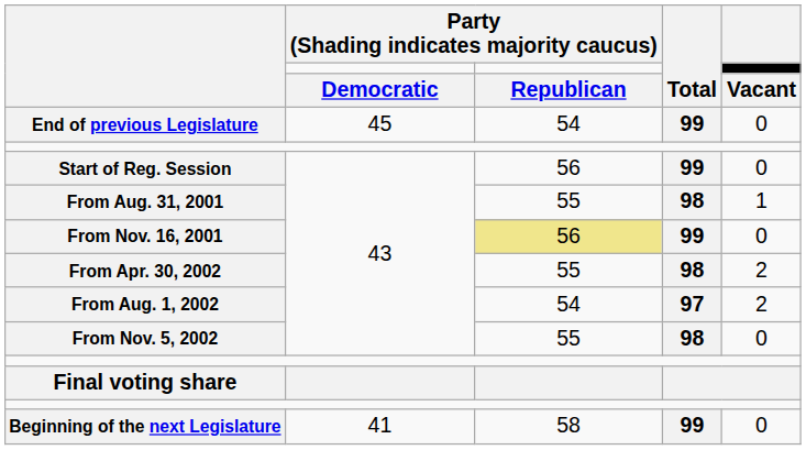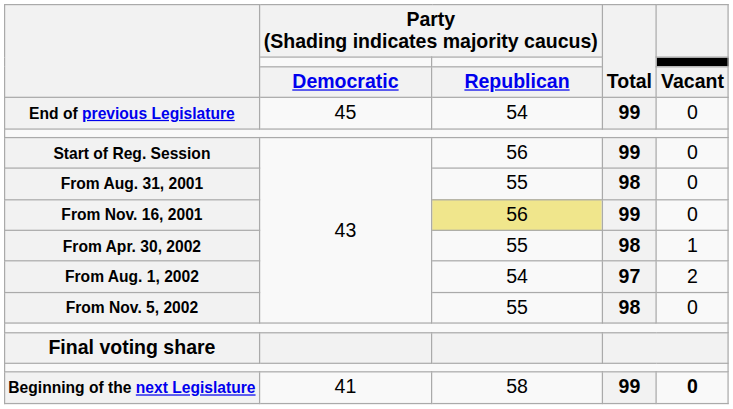 <table class=wikitable style="text-align:center">
 <tr style="vertical-align:bottom;">
 <th rowspan=3></th>
 <th colspan=2>Party <div>(Shading indicates majority caucus)</div></th>
 <th rowspan=3>Total</th>
 <th></th>
 </tr>
 <tr style="height:5px">
 <td style="background-color:"></td>
 <td style="background-color:"></td>
 <td style="background-color:black"></td>
 </tr>
 <tr>
 <th><a href='#'>Democratic</a></th>
 <th><a href='#'>Republican</a></th>
 <th>Vacant</th>
 </tr>
 <tr>
 <th nowrap style="font-size:80%">End of <a href='#'>previous Legislature</a></th>
 <td>45</td>
 <td>54</td>
 <th>99</th>
 <td>0</td>
 </tr>
 <tr>
 <td colspan=5></td>
 </tr>
 <tr>
 <th nowrap style="font-size:80%">Start of Reg. Session</th>
 <td rowspan="6">43</td>
 <td>56</td>
 <th>99</th>
 <td>0</td>
 </tr>
 <tr>
 <th style="font-size:80%;">From Aug. 31, 2001</th>
 <td>55</td>
 <th>98</th>
-<td>1</td>
+<td>0</td>
 </tr>
 <tr>
 <th style="font-size:80%;">From Nov. 16, 2001</th>
 <td style="background: khaki;">56</td>
 <th>99</th>
 <td>0</td>
 </tr>
 <tr>
 <th style="font-size:80%;">From Apr. 30, 2002</th>
 <td>55</td>
 <th>98</th>
-<td>2</td>
+<td>1</td>
 </tr>
 <tr>
 <th style="font-size:80%;">From Aug. 1, 2002</th>
 <td>54</td>
 <th>97</th>
 <td>2</td>
 </tr>
 <tr>
 <th style="font-size:80%;">From Nov. 5, 2002</th>
 <td>55</td>
 <th>98</th>
 <td>0</td>
 </tr>
 <tr>
 <td colspan=5></td>
 </tr>
 <tr>
 <th>Final voting share</th>
 <th></th>
 <th></th>
 <th colspan=2></th>
 </tr>
 <tr>
 <td colspan=5></td>
 </tr>
 <tr>
 <th style="white-space:nowrap; font-size:80%;">Beginning of the <a href='#'>next Legislature</a></th>
 <td>41</td>
 <td>58</td>
 <th>99</th>
-<td>0</td>
+<td><strong>0</strong></td>
 </tr>
 </table>
